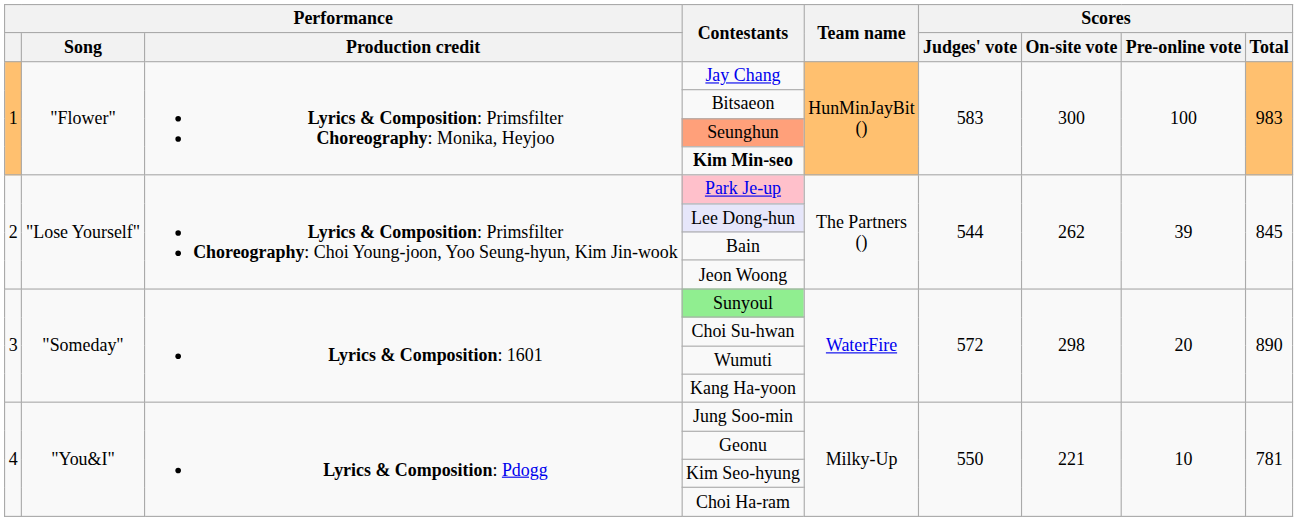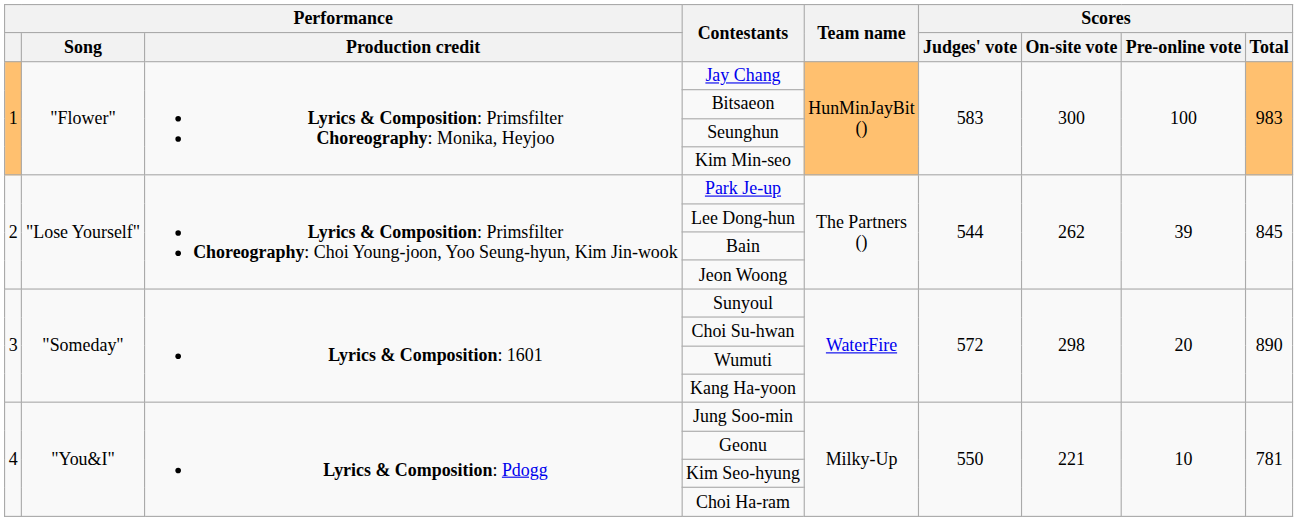 <table class="wikitable" style="text-align:center">
 <tr>
 <th colspan="3">Performance</th>
 <th rowspan="2">Contestants </th>
 <th rowspan="2">Team name</th>
 <th colspan="4">Scores</th>
 </tr>
 <tr>
 <th></th>
 <th>Song</th>
 <th>Production credit</th>
 <th>Judges' vote</th>
 <th>On-site vote</th>
 <th>Pre-online vote</th>
 <th>Total</th>
 </tr>
 <tr>
 <td rowspan="4" style="background:#FFC06F">1</td>
 <td rowspan="4">"Flower"</td>
 <td rowspan="4"><br><ul><li><strong>Lyrics & Composition</strong>: Primsfilter</li><li><strong>Choreography</strong>: Monika, Heyjoo</li></ul></td>
 <td><a href='#'>Jay Chang</a></td>
 <td rowspan="4" style="background:#FFC06F">HunMinJayBit<br>()</td>
 <td rowspan="4">583</td>
 <td rowspan="4">300</td>
 <td rowspan="4">100</td>
 <td rowspan="4" style="background:#FFC06F">983</td>
 </tr>
 <tr>
 <td>Bitsaeon</td>
 </tr>
 <tr>
-<td style="background: lightsalmon;">Seunghun</td>
+<td>Seunghun</td>
 </tr>
 <tr>
-<td><strong>Kim Min-seo</strong></td>
+<td>Kim Min-seo</td>
 </tr>
 <tr>
 <td rowspan="4">2</td>
 <td rowspan="4">"Lose Yourself"</td>
 <td rowspan="4"><br><ul><li><strong>Lyrics & Composition</strong>: Primsfilter</li><li><strong>Choreography</strong>: Choi Young-joon, Yoo Seung-hyun, Kim Jin-wook</li></ul></td>
-<td style="background: pink;"><a href='#'>Park Je-up</a></td>
+<td><a href='#'>Park Je-up</a></td>
 <td rowspan="4">The Partners<br>()</td>
 <td rowspan="4">544</td>
 <td rowspan="4">262</td>
 <td rowspan="4">39</td>
 <td rowspan="4">845</td>
 </tr>
 <tr>
-<td style="background: lavender;">Lee Dong-hun</td>
+<td>Lee Dong-hun</td>
 </tr>
 <tr>
 <td>Bain</td>
 </tr>
 <tr>
 <td>Jeon Woong</td>
 </tr>
 <tr>
 <td rowspan="4">3</td>
 <td rowspan="4">"Someday"<br></td>
 <td rowspan="4"><br><ul><li><strong>Lyrics & Composition</strong>: 1601</li></ul></td>
-<td style="background: lightgreen;">Sunyoul</td>
+<td>Sunyoul</td>
 <td rowspan="4"><a href='#'>WaterFire</a></td>
 <td rowspan="4">572</td>
 <td rowspan="4">298</td>
 <td rowspan="4">20</td>
 <td rowspan="4">890</td>
 </tr>
 <tr>
 <td>Choi Su-hwan</td>
 </tr>
 <tr>
 <td>Wumuti</td>
 </tr>
 <tr>
 <td>Kang Ha-yoon</td>
 </tr>
 <tr>
 <td rowspan="4">4</td>
 <td rowspan="4">"You&I"</td>
 <td rowspan="4"><br><ul><li><strong>Lyrics & Composition</strong>: <a href='#'>Pdogg</a></li></ul></td>
 <td>Jung Soo-min</td>
 <td rowspan="4">Milky-Up</td>
 <td rowspan="4">550</td>
 <td rowspan="4">221</td>
 <td rowspan="4">10</td>
 <td rowspan="4">781</td>
 </tr>
 <tr>
 <td>Geonu</td>
 </tr>
 <tr>
 <td>Kim Seo-hyung</td>
 </tr>
 <tr>
 <td>Choi Ha-ram</td>
 </tr>
 </table>
